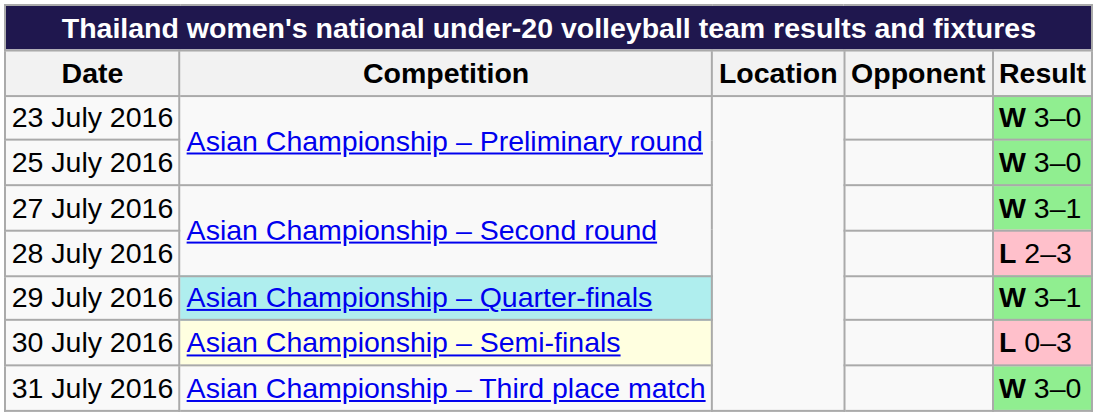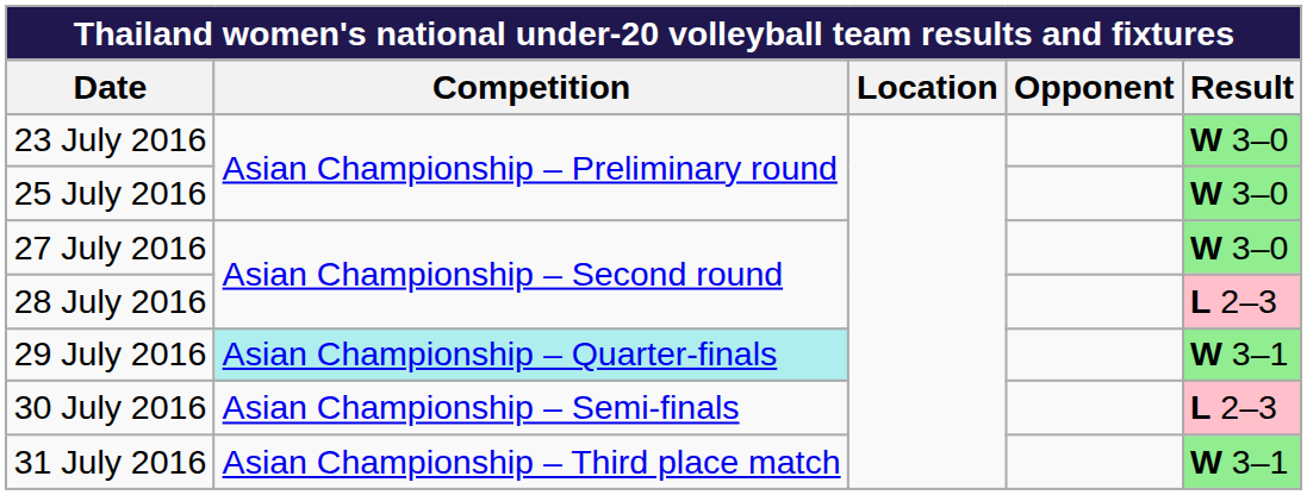 <table class="wikitable sortable" style="font-size:90%; text-align:left;">
 <tr>
 <th colspan=5 style="background:#1F174E; color:#FFFFFF;">Thailand women's national under-20 volleyball team results and fixtures</th>
 </tr>
 <tr>
 <th>Date</th>
 <th>Competition</th>
 <th>Location</th>
 <th>Opponent</th>
 <th>Result</th>
 </tr>
 <tr>
 <td>23 July 2016</td>
 <td rowspan=2><a href='#'>Asian Championship – Preliminary round</a></td>
 <td rowspan=7></td>
 <td></td>
 <td bgcolor="lightgreen"><strong>W</strong> 3–0</td>
 </tr>
 <tr>
 <td>25 July 2016</td>
 <td></td>
 <td bgcolor="lightgreen"><strong>W</strong> 3–0</td>
 </tr>
 <tr>
 <td>27 July 2016</td>
 <td rowspan=2><a href='#'>Asian Championship – Second round</a></td>
 <td></td>
-<td bgcolor="lightgreen"><strong>W</strong> 3–1</td>
+<td bgcolor="lightgreen"><strong>W</strong> 3–0</td>
 </tr>
 <tr>
 <td>28 July 2016</td>
 <td></td>
 <td bgcolor="pink"><strong>L</strong> 2–3</td>
 </tr>
 <tr>
 <td>29 July 2016</td>
 <td style="background: paleturquoise;"><a href='#'>Asian Championship – Quarter-finals</a></td>
 <td></td>
 <td bgcolor="lightgreen"><strong>W</strong> 3–1</td>
 </tr>
 <tr>
 <td>30 July 2016</td>
-<td style="background: lightyellow;"><a href='#'>Asian Championship – Semi-finals</a></td>
+<td><a href='#'>Asian Championship – Semi-finals</a></td>
 <td></td>
-<td bgcolor="pink"><strong>L</strong> 0–3</td>
+<td bgcolor="pink"><strong>L</strong> 2–3</td>
 </tr>
 <tr>
 <td>31 July 2016</td>
 <td><a href='#'>Asian Championship – Third place match</a></td>
 <td></td>
-<td bgcolor="lightgreen"><strong>W</strong> 3–0</td>
+<td bgcolor="lightgreen"><strong>W</strong> 3–1</td>
 </tr>
 </table>
